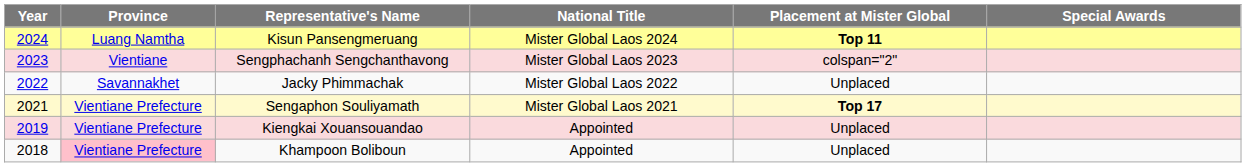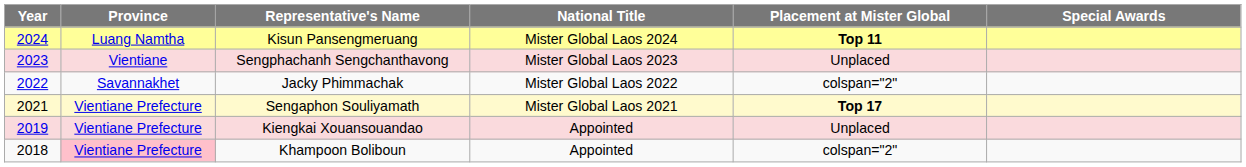 <table class="wikitable " style="font-size: 89%; text-align:center">
 <tr>
 <th width="50" style="background-color:#787878;color:#FFFFFF;">Year</th>
 <th width="150" style="background-color:#787878;color:#FFFFFF;">Province</th>
 <th width="250" style="background-color:#787878;color:#FFFFFF;">Representative's Name</th>
 <th width="260" style="background-color:#787878;color:#FFFFFF;">National Title</th>
 <th width="250" style="background-color:#787878;color:#FFFFFF;">Placement at Mister Global</th>
 <th width="250" style="background-color:#787878;color:#FFFFFF;">Special Awards</th>
 </tr>
 <tr style="background-color:#FFFF99;">
 <td><a href='#'>2024</a></td>
 <td><a href='#'>Luang Namtha</a></td>
 <td>Kisun Pansengmeruang</td>
 <td>Mister Global Laos 2024</td>
 <td><strong>Top 11</strong></td>
 <td></td>
 </tr>
 <tr style="background-color:#FADADD;">
 <td><a href='#'>2023</a></td>
 <td><a href='#'>Vientiane</a></td>
 <td>Sengphachanh Sengchanthavong</td>
 <td>Mister Global Laos 2023</td>
-<td>colspan="2" </td>
+<td>Unplaced</td>
 <td style="background:;"></td>
 </tr>
 <tr>
 <td><a href='#'>2022</a></td>
 <td><a href='#'>Savannakhet</a></td>
 <td>Jacky Phimmachak</td>
 <td>Mister Global Laos 2022</td>
-<td>Unplaced</td>
+<td>colspan="2" </td>
 <td></td>
 </tr>
 <tr style="background-color:#FFFACD; : bold">
 <td>2021</td>
 <td><a href='#'>Vientiane Prefecture</a></td>
 <td>Sengaphon Souliyamath</td>
 <td>Mister Global Laos 2021</td>
 <td><strong>Top 17</strong></td>
 <td></td>
 </tr>
 <tr style="background-color:#FADADD;">
 <td><a href='#'>2019</a></td>
 <td><a href='#'>Vientiane Prefecture</a></td>
 <td>Kiengkai Xouansouandao</td>
 <td>Appointed</td>
 <td>Unplaced</td>
 <td style="background:;"></td>
 </tr>
 <tr>
 <td>2018</td>
 <td style="background: pink;"><a href='#'>Vientiane Prefecture</a></td>
 <td>Khampoon Boliboun</td>
 <td>Appointed</td>
-<td>Unplaced</td>
+<td>colspan="2" </td>
 </tr>
 </table>
